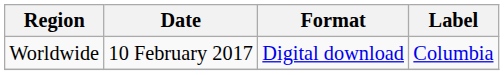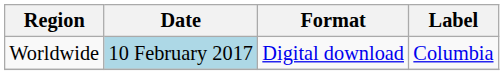 <table class=wikitable>
 <tr>
 <th>Region</th>
 <th>Date</th>
 <th>Format</th>
 <th>Label</th>
 </tr>
 <tr>
 <td>Worldwide</td>
-<td>10 February 2017</td>
+<td style="background: lightblue;">10 February 2017</td>
 <td><a href='#'>Digital download</a></td>
 <td><a href='#'>Columbia</a></td>
 </tr>
 <tr>
 </tr>
 </table>
